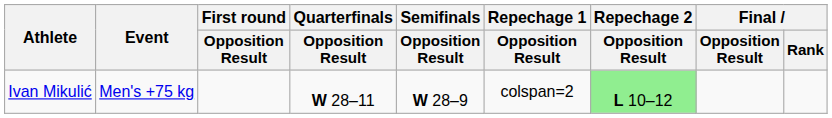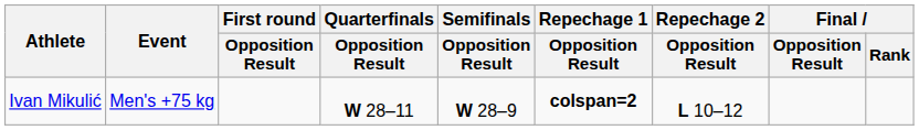 <table class="wikitable" style="font-size:90%;">
 <tr>
 <th rowspan=2>Athlete</th>
 <th rowspan=2>Event</th>
 <th>First round</th>
 <th>Quarterfinals</th>
 <th>Semifinals</th>
 <th>Repechage 1</th>
 <th>Repechage 2</th>
 <th colspan=2>Final / </th>
 </tr>
 <tr style="font-size:95%">
 <th>Opposition<br>Result</th>
 <th>Opposition<br>Result</th>
 <th>Opposition<br>Result</th>
 <th>Opposition<br>Result</th>
 <th>Opposition<br>Result</th>
 <th>Opposition<br>Result</th>
 <th>Rank</th>
 </tr>
 <tr align=center>
 <td align=left><a href='#'>Ivan Mikulić</a></td>
 <td align=left><a href='#'>Men's +75 kg</a></td>
 <td></td>
 <td><br><strong>W</strong> 28–11</td>
 <td><br><strong>W</strong> 28–9</td>
-<td>colspan=2 </td>
-<td style="background: lightgreen;"><br><strong>L</strong> 10–12</td>
+<td><strong>colspan=2 </strong></td>
+<td><br><strong>L</strong> 10–12</td>
 <td></td>
 </tr>
 </table>
